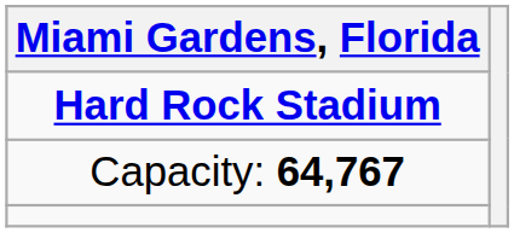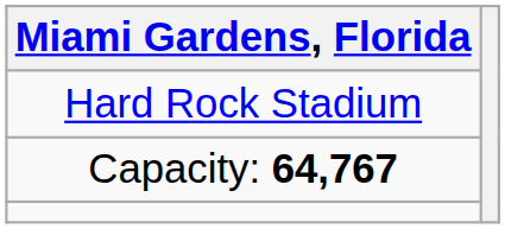 <table class="wikitable" style="text-align:center; margin-left:auto; margin-right:auto; border:none;">
 <tr>
 <th><a href='#'>Miami Gardens</a>, <a href='#'>Florida</a></th>
 <th rowspan="4"></th>
 </tr>
 <tr>
-<td><strong><a href='#'>Hard Rock Stadium</a></strong></td>
+<td><a href='#'>Hard Rock Stadium</a></td>
 </tr>
 <tr>
 <td>Capacity: <strong>64,767</strong></td>
 </tr>
 <tr>
 <td></td>
 </tr>
 </table>
